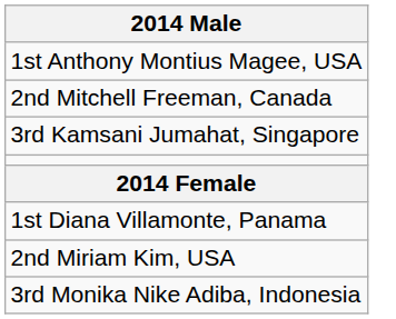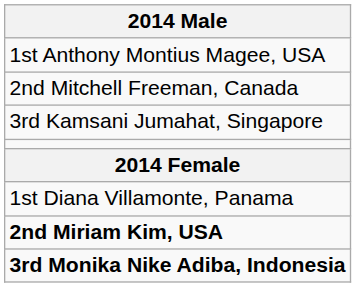 <table class="wikitable" style="float:left; margin-right:1em">
 <tr>
 <th>2014 Male</th>
 </tr>
 <tr>
 <td>1st Anthony Montius Magee, USA</td>
 </tr>
 <tr>
 <td>2nd Mitchell Freeman, Canada</td>
 </tr>
 <tr>
 <td>3rd Kamsani Jumahat, Singapore</td>
 </tr>
 <tr>
 <td></td>
 </tr>
 <tr>
 <th>2014 Female</th>
 </tr>
 <tr>
 <td>1st Diana Villamonte, Panama</td>
 </tr>
 <tr>
-<td>2nd Miriam Kim, USA</td>
+<td><strong>2nd Miriam Kim, USA</strong></td>
 </tr>
 <tr>
-<td>3rd Monika Nike Adiba, Indonesia</td>
+<td><strong>3rd Monika Nike Adiba, Indonesia</strong></td>
 </tr>
 </table>
